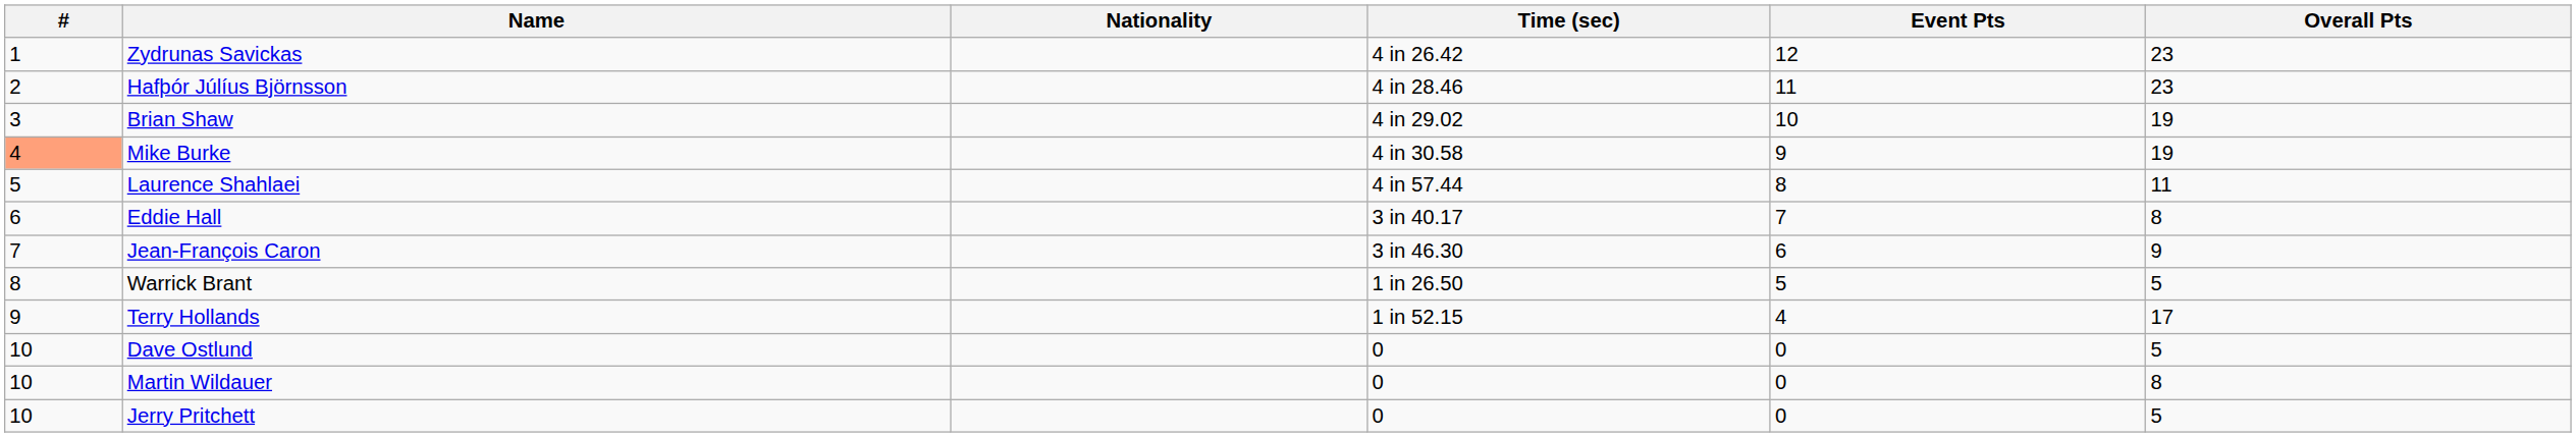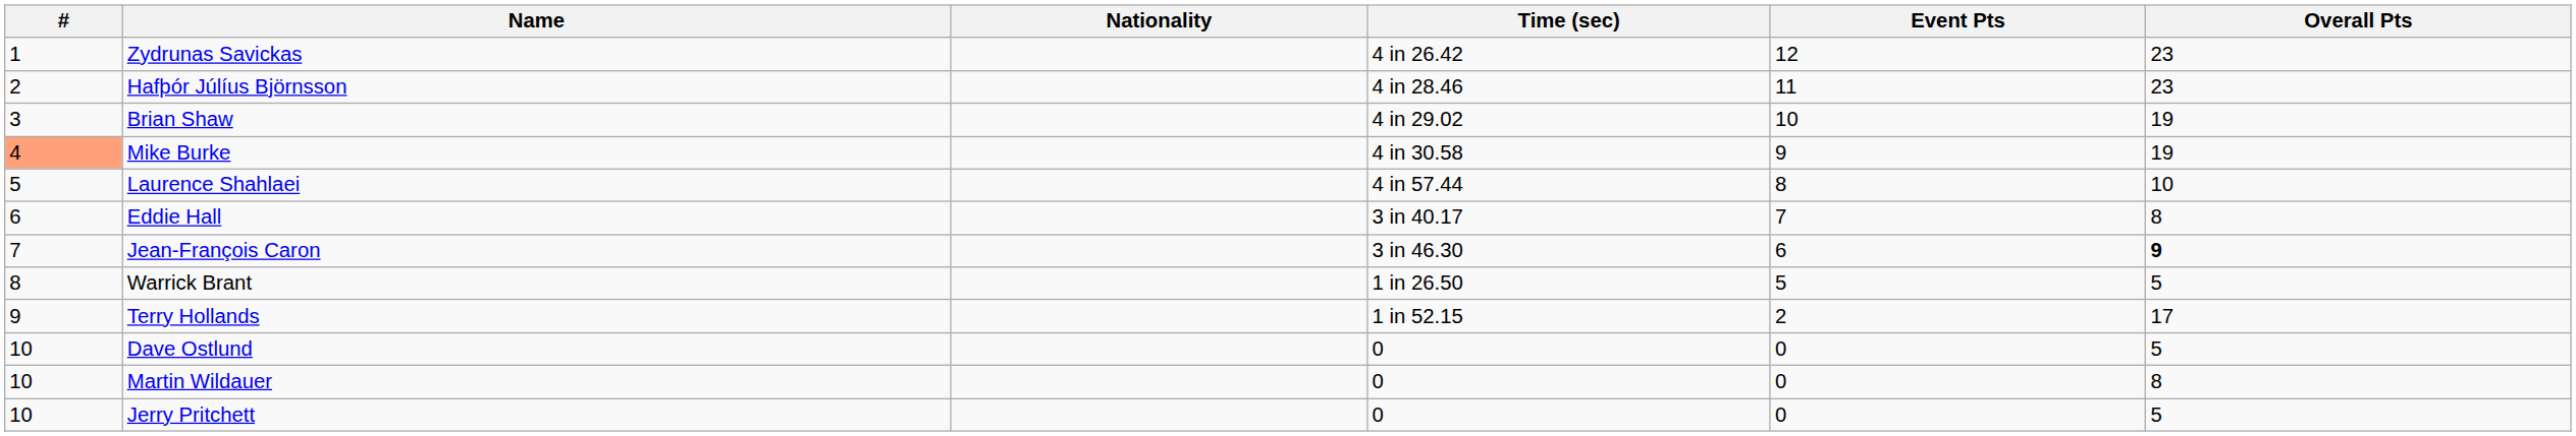 <table class="wikitable sortable" style="display: inline-table; width: 100%;">
 <tr>
 <th>#</th>
 <th>Name</th>
 <th>Nationality</th>
 <th>Time (sec)</th>
 <th>Event Pts</th>
 <th>Overall Pts</th>
 </tr>
 <tr>
 <td>1</td>
 <td><a href='#'>Zydrunas Savickas</a></td>
 <td></td>
 <td>4 in 26.42</td>
 <td>12</td>
 <td>23</td>
 </tr>
 <tr>
 <td>2</td>
 <td><a href='#'>Hafþór Júlíus Björnsson</a></td>
 <td></td>
 <td>4 in 28.46</td>
 <td>11</td>
 <td>23</td>
 </tr>
 <tr>
 <td>3</td>
 <td><a href='#'>Brian Shaw</a></td>
 <td></td>
 <td>4 in 29.02</td>
 <td>10</td>
 <td>19</td>
 </tr>
 <tr>
 <td style="background: lightsalmon;">4</td>
 <td><a href='#'>Mike Burke</a></td>
 <td></td>
 <td>4 in 30.58</td>
 <td>9</td>
 <td>19</td>
 </tr>
 <tr>
 <td>5</td>
 <td><a href='#'>Laurence Shahlaei</a></td>
 <td></td>
 <td>4 in 57.44</td>
 <td>8</td>
-<td>11</td>
+<td>10</td>
 </tr>
 <tr>
 <td>6</td>
 <td><a href='#'>Eddie Hall</a></td>
 <td></td>
 <td>3 in 40.17</td>
 <td>7</td>
 <td>8</td>
 </tr>
 <tr>
 <td>7</td>
 <td><a href='#'>Jean-François Caron</a></td>
 <td></td>
 <td>3 in 46.30</td>
 <td>6</td>
-<td>9</td>
+<td><strong>9</strong></td>
 </tr>
 <tr>
 <td>8</td>
 <td>Warrick Brant</td>
 <td></td>
 <td>1 in 26.50</td>
 <td>5</td>
 <td>5</td>
 </tr>
 <tr>
 <td>9</td>
 <td><a href='#'>Terry Hollands</a></td>
 <td></td>
 <td>1 in 52.15</td>
-<td>4</td>
+<td>2</td>
 <td>17</td>
 </tr>
 <tr>
 <td>10</td>
 <td><a href='#'>Dave Ostlund</a></td>
 <td></td>
 <td>0</td>
 <td>0</td>
 <td>5</td>
 </tr>
 <tr>
 <td>10</td>
 <td><a href='#'>Martin Wildauer</a></td>
 <td></td>
 <td>0</td>
 <td>0</td>
 <td>8</td>
 </tr>
 <tr>
 <td>10</td>
 <td><a href='#'>Jerry Pritchett</a></td>
 <td></td>
 <td>0</td>
 <td>0</td>
 <td>5</td>
 </tr>
 </table>
